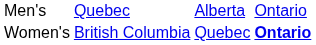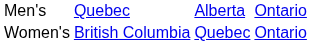 <table>
 <tr>
 <td>Men's</td>
 <td> <a href='#'>Quebec</a></td>
 <td> <a href='#'>Alberta</a></td>
 <td> <a href='#'>Ontario</a></td>
 </tr>
 <tr>
 <td>Women's</td>
 <td> <a href='#'>British Columbia</a></td>
 <td> <a href='#'>Quebec</a></td>
-<td><strong> <a href='#'>Ontario</a></strong></td>
+<td> <a href='#'>Ontario</a></td>
 </tr>
 </table>
